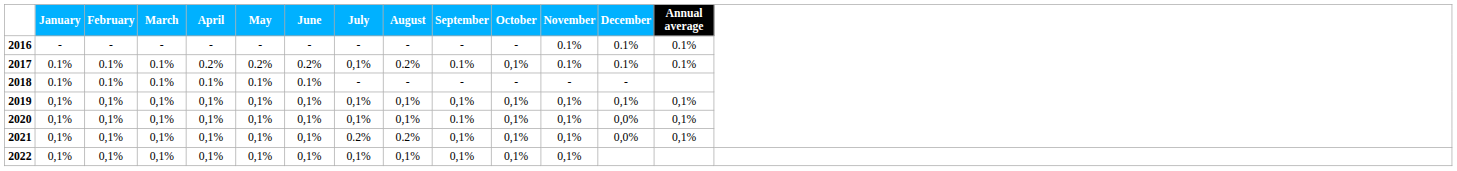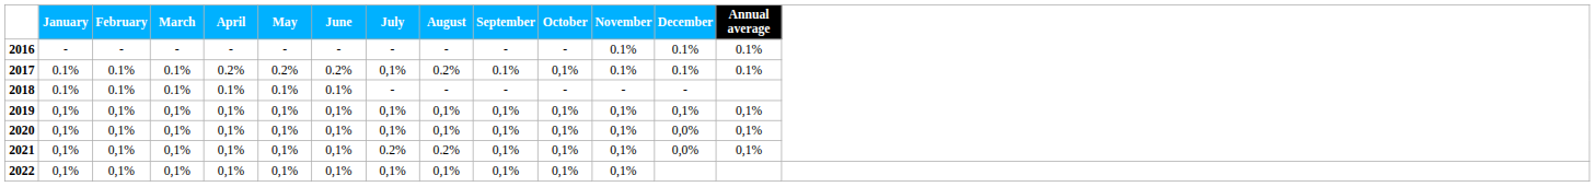 <table class="wikitable" style="width:100%; margin:auto; background:#ffffff;">
 <tr>
 <th style="background:#FFFFFF; color:#FFFFFF;" width="35px"></th>
 <th style="background:#00B1FF; color:#FFFFFF;" width="60px">January</th>
 <th style="background:#00B1FF; color:#FFFFFF;" width="60px">February</th>
 <th style="background:#00B1FF; color:#FFFFFF;" width="60px">March</th>
 <th style="background:#00B1FF; color:#FFFFFF;" width="60px">April</th>
 <th style="background:#00B1FF; color:#FFFFFF;" width="60px">May</th>
 <th style="background:#00B1FF; color:#FFFFFF;" width="60px">June</th>
 <th style="background:#00B1FF; color:#FFFFFF;" width="60px">July</th>
 <th style="background:#00B1FF; color:#FFFFFF;" width="60px">August</th>
 <th style="background:#00B1FF; color:#FFFFFF;" width="60px">September</th>
 <th style="background:#00B1FF; color:#FFFFFF;" width="60px">October</th>
 <th style="background:#00B1FF; color:#FFFFFF;" width="60px">November</th>
 <th style="background:#00B1FF; color:#FFFFFF;" width="60px">December</th>
 <th style="background:#000000; color:#FFFFFF;" width="75px">Annual average</th>
 </tr>
 <tr align="center">
 <td><strong>2016</strong></td>
 <td>-</td>
 <td>-</td>
 <td>-</td>
 <td>-</td>
 <td>-</td>
 <td>-</td>
 <td>-</td>
 <td>-</td>
 <td>-</td>
 <td>-</td>
 <td>0.1%</td>
 <td>0.1%</td>
 <td>0.1%</td>
 </tr>
 <tr align="center">
 <td><strong>2017</strong></td>
 <td>0.1%</td>
 <td>0.1%</td>
 <td>0.1%</td>
 <td>0.2%</td>
 <td>0.2%</td>
 <td>0.2%</td>
 <td>0,1%</td>
 <td>0.2%</td>
 <td>0.1%</td>
 <td>0,1%</td>
 <td>0.1%</td>
 <td>0.1%</td>
 <td>0.1%</td>
 </tr>
 <tr align="center">
 <td><strong>2018</strong></td>
 <td>0.1%</td>
 <td>0.1%</td>
 <td>0.1%</td>
 <td>0.1%</td>
 <td>0.1%</td>
 <td>0.1%</td>
 <td>-</td>
 <td>-</td>
 <td>-</td>
 <td>-</td>
 <td>-</td>
 <td>-</td>
 <td></td>
 </tr>
 <tr align="center">
 <td><strong>2019</strong></td>
 <td>0,1%</td>
 <td>0,1%</td>
 <td>0,1%</td>
 <td>0,1%</td>
 <td>0,1%</td>
 <td>0,1%</td>
 <td>0,1%</td>
 <td>0,1%</td>
 <td>0,1%</td>
 <td>0,1%</td>
 <td>0,1%</td>
 <td>0,1%</td>
 <td>0,1%</td>
 </tr>
 <tr align="center">
 <td><strong>2020</strong></td>
 <td>0,1%</td>
 <td>0,1%</td>
 <td>0,1%</td>
 <td>0,1%</td>
 <td>0,1%</td>
 <td>0,1%</td>
 <td>0,1%</td>
 <td>0,1%</td>
-<td>0.1%</td>
+<td>0,1%</td>
 <td>0,1%</td>
 <td>0,1%</td>
 <td>0,0%</td>
 <td>0,1%</td>
 </tr>
 <tr align="center">
 <td><strong>2021</strong></td>
 <td>0,1%</td>
 <td>0,1%</td>
 <td>0,1%</td>
 <td>0,1%</td>
 <td>0,1%</td>
 <td>0,1%</td>
 <td>0.2%</td>
 <td>0.2%</td>
 <td>0,1%</td>
 <td>0,1%</td>
 <td>0,1%</td>
 <td>0,0%</td>
 <td>0,1%</td>
 </tr>
 <tr align="center">
 <td><strong>2022</strong></td>
 <td>0,1%</td>
 <td>0,1%</td>
 <td>0,1%</td>
 <td>0,1%</td>
 <td>0,1%</td>
 <td>0,1%</td>
 <td>0,1%</td>
 <td>0,1%</td>
 <td>0,1%</td>
 <td>0,1%</td>
 <td>0,1%</td>
 <td></td>
 <td></td>
 <td></td>
 </tr>
 </table>
